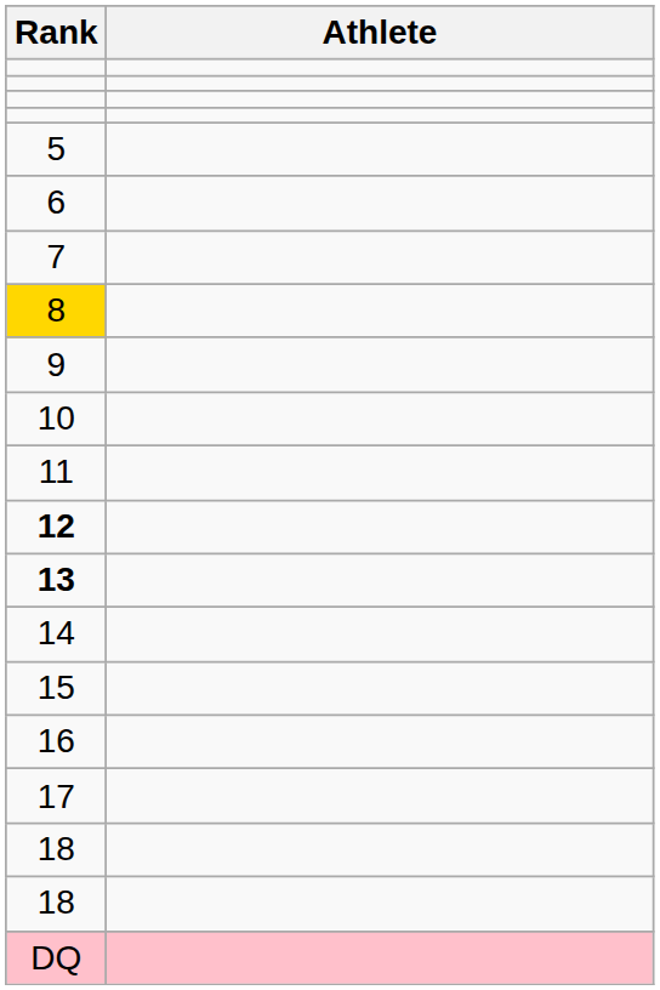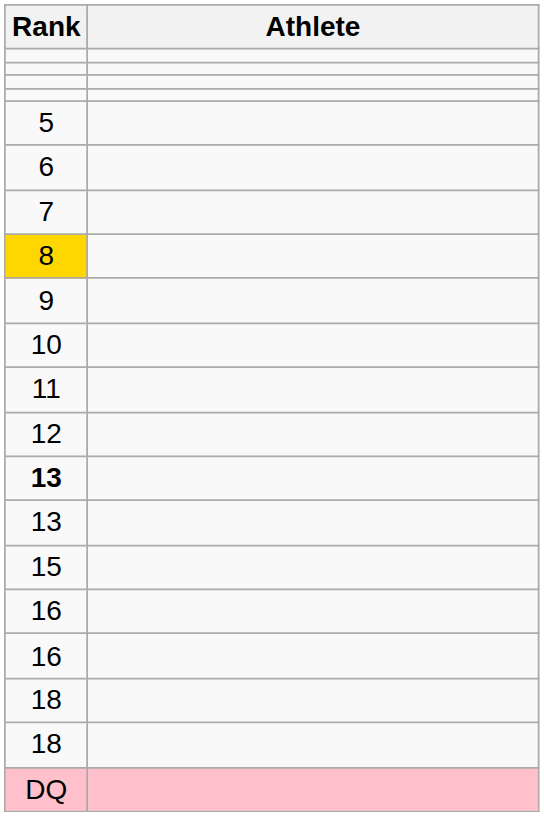 <table class="wikitable" style="text-align: center;">
 <tr>
 <th width=40>Rank</th>
 <th width=250>Athlete</th>
 </tr>
 <tr>
 <td></td>
 <td align="left"></td>
 </tr>
 <tr>
 <td></td>
 <td align="left"></td>
 </tr>
 <tr>
 <td></td>
 <td align="left"></td>
 </tr>
 <tr>
 <td></td>
 <td align="left"></td>
 </tr>
 <tr>
 <td>5</td>
 <td align="left"></td>
 </tr>
 <tr>
 <td>6</td>
 <td align="left"></td>
 </tr>
 <tr>
 <td>7</td>
 <td align="left"></td>
 </tr>
 <tr>
 <td style="background: gold;">8</td>
 <td align="left"></td>
 </tr>
 <tr>
 <td>9</td>
 <td align="left"></td>
 </tr>
 <tr>
 <td>10</td>
 <td align="left"></td>
 </tr>
 <tr>
 <td>11</td>
 <td align="left"></td>
 </tr>
 <tr>
-<td><strong>12</strong></td>
+<td>12</td>
 <td align="left"></td>
 </tr>
 <tr>
 <td><strong>13</strong></td>
 <td align="left"></td>
 </tr>
 <tr>
-<td>14</td>
+<td>13</td>
 <td align="left"></td>
 </tr>
 <tr>
 <td>15</td>
 <td align="left"></td>
 </tr>
 <tr>
 <td>16</td>
 <td align="left"></td>
 </tr>
 <tr>
-<td>17</td>
+<td>16</td>
 <td align="left"></td>
 </tr>
 <tr>
 <td>18</td>
 <td align="left"></td>
 </tr>
 <tr>
 <td>18</td>
 <td align="left"></td>
 </tr>
 <tr bgcolor=pink>
 <td>DQ</td>
 <td align="left"></td>
 </tr>
 </table>
